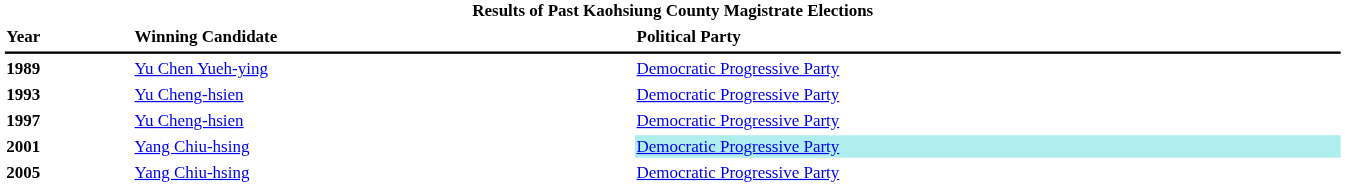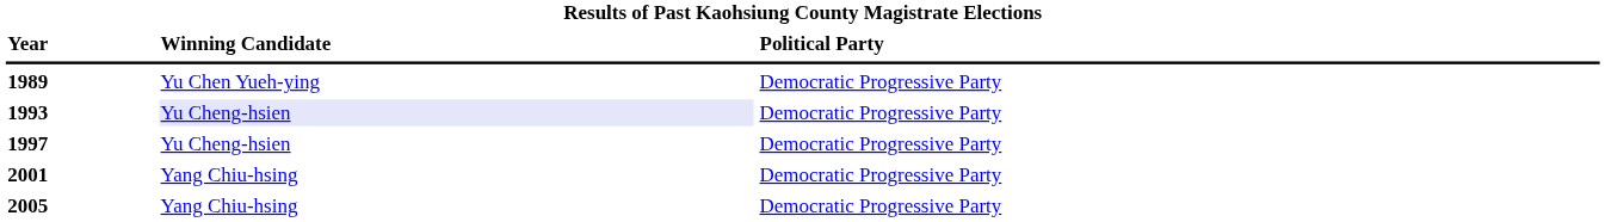 <table id="toc" style="margin:1em auto; width: 90%; font-size: 90%;" cellspacing="3">
 <tr>
 <td colspan="3" align="center"><strong>Results of Past Kaohsiung County Magistrate Elections</strong></td>
 </tr>
 <tr>
 <td><strong>Year</strong></td>
 <td><strong> Winning Candidate</strong></td>
 <td><strong>Political Party</strong></td>
 </tr>
 <tr>
 <th bgcolor="#000000" colspan="6"></th>
 </tr>
 <tr>
 <td><strong>1989</strong></td>
 <td><a href='#'>Yu Chen Yueh-ying</a></td>
 <td> <a href='#'>Democratic Progressive Party</a></td>
 </tr>
 <tr>
 <td><strong>1993</strong></td>
-<td><a href='#'>Yu Cheng-hsien</a></td>
+<td style="background: lavender;"><a href='#'>Yu Cheng-hsien</a></td>
 <td> <a href='#'>Democratic Progressive Party</a></td>
 </tr>
 <tr>
 <td><strong>1997</strong></td>
 <td><a href='#'>Yu Cheng-hsien</a></td>
 <td> <a href='#'>Democratic Progressive Party</a></td>
 </tr>
 <tr>
 <td><strong>2001</strong></td>
 <td><a href='#'>Yang Chiu-hsing</a></td>
-<td style="background: paleturquoise;"> <a href='#'>Democratic Progressive Party</a></td>
+<td> <a href='#'>Democratic Progressive Party</a></td>
 </tr>
 <tr>
 <td><strong>2005</strong></td>
 <td><a href='#'>Yang Chiu-hsing</a></td>
 <td> <a href='#'>Democratic Progressive Party</a></td>
 </tr>
 </table>
